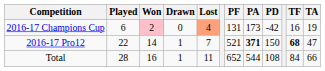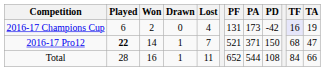 <table class="wikitable">
 <tr>
 <th>Competition</th>
 <th>Played</th>
 <th>Won</th>
 <th>Drawn</th>
 <th>Lost</th>
 <th rowspan="4"></th>
 <th>PF</th>
 <th>PA</th>
 <th>PD</th>
 <th rowspan="4"></th>
 <th>TF</th>
 <th>TA</th>
 </tr>
 <tr align=center>
 <td><a href='#'>2016-17 Champions Cup</a></td>
 <td>6</td>
-<td style="background: pink;">2</td>
+<td>2</td>
 <td>0</td>
-<td style="background: lightsalmon;">4</td>
+<td>4</td>
 <td>131</td>
 <td>173</td>
 <td>-42</td>
-<td>16</td>
+<td style="background: lavender;">16</td>
 <td>19</td>
 </tr>
 <tr align=center>
 <td><a href='#'>2016-17 Pro12</a></td>
-<td>22</td>
+<td><strong>22</strong></td>
 <td>14</td>
 <td>1</td>
 <td>7</td>
 <td>521</td>
-<td><strong>371</strong></td>
+<td>371</td>
 <td>150</td>
-<td><strong>68</strong></td>
+<td>68</td>
 <td>47</td>
 </tr>
 <tr align=center>
 <td>Total</td>
 <td>28</td>
 <td>16</td>
 <td>1</td>
 <td>11</td>
 <td>652</td>
 <td>544</td>
 <td>108</td>
 <td>84</td>
 <td>66</td>
 </tr>
 </table>
